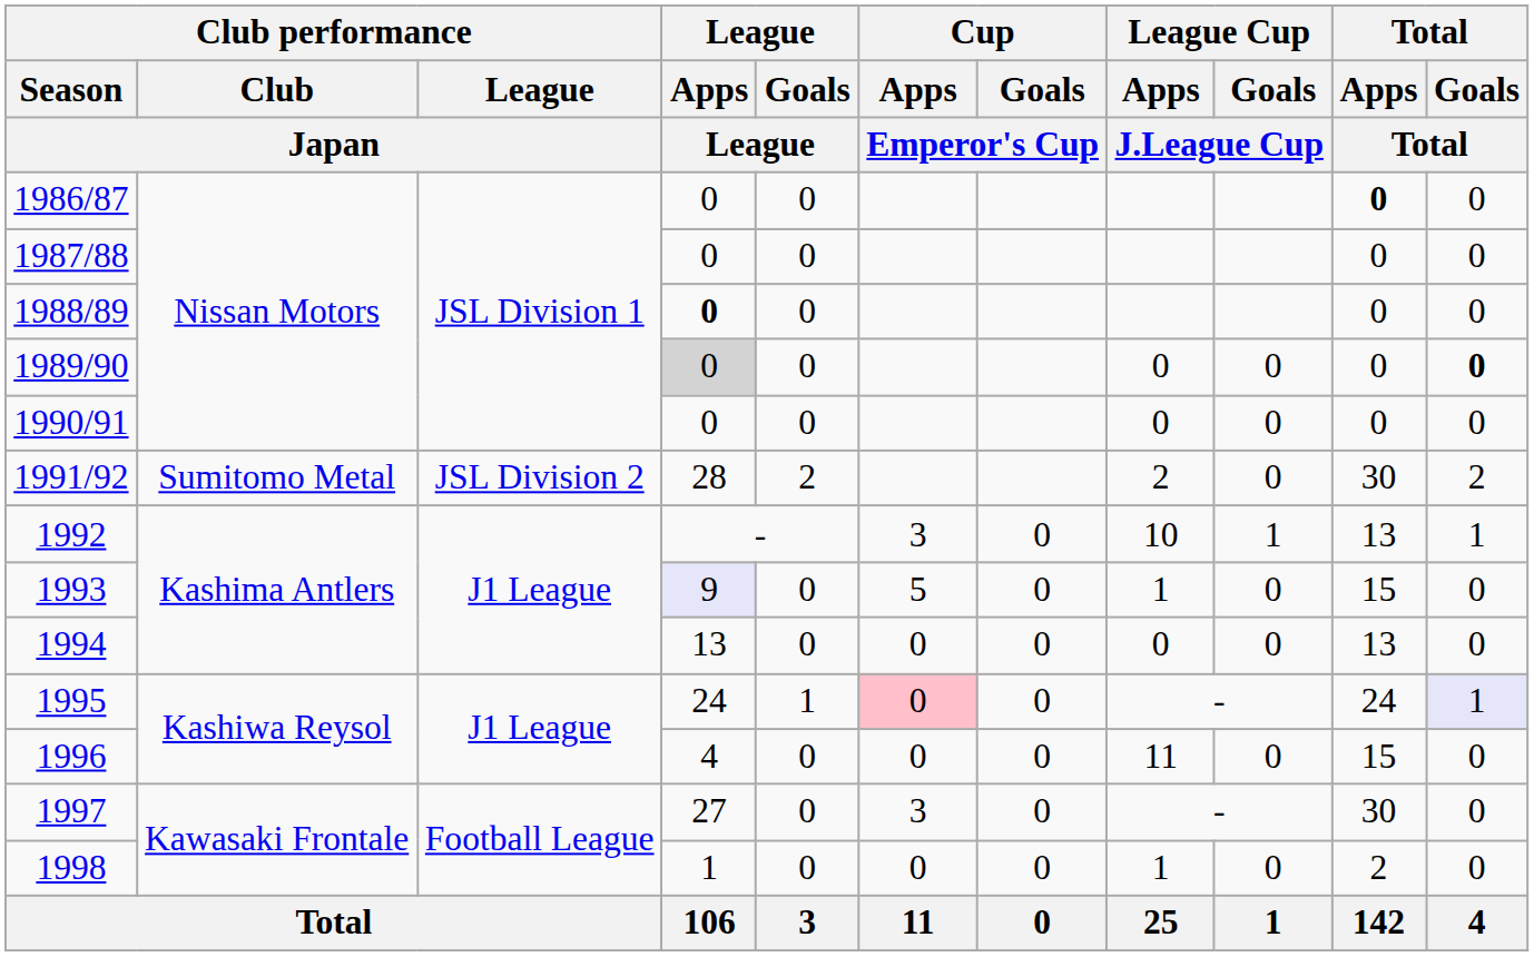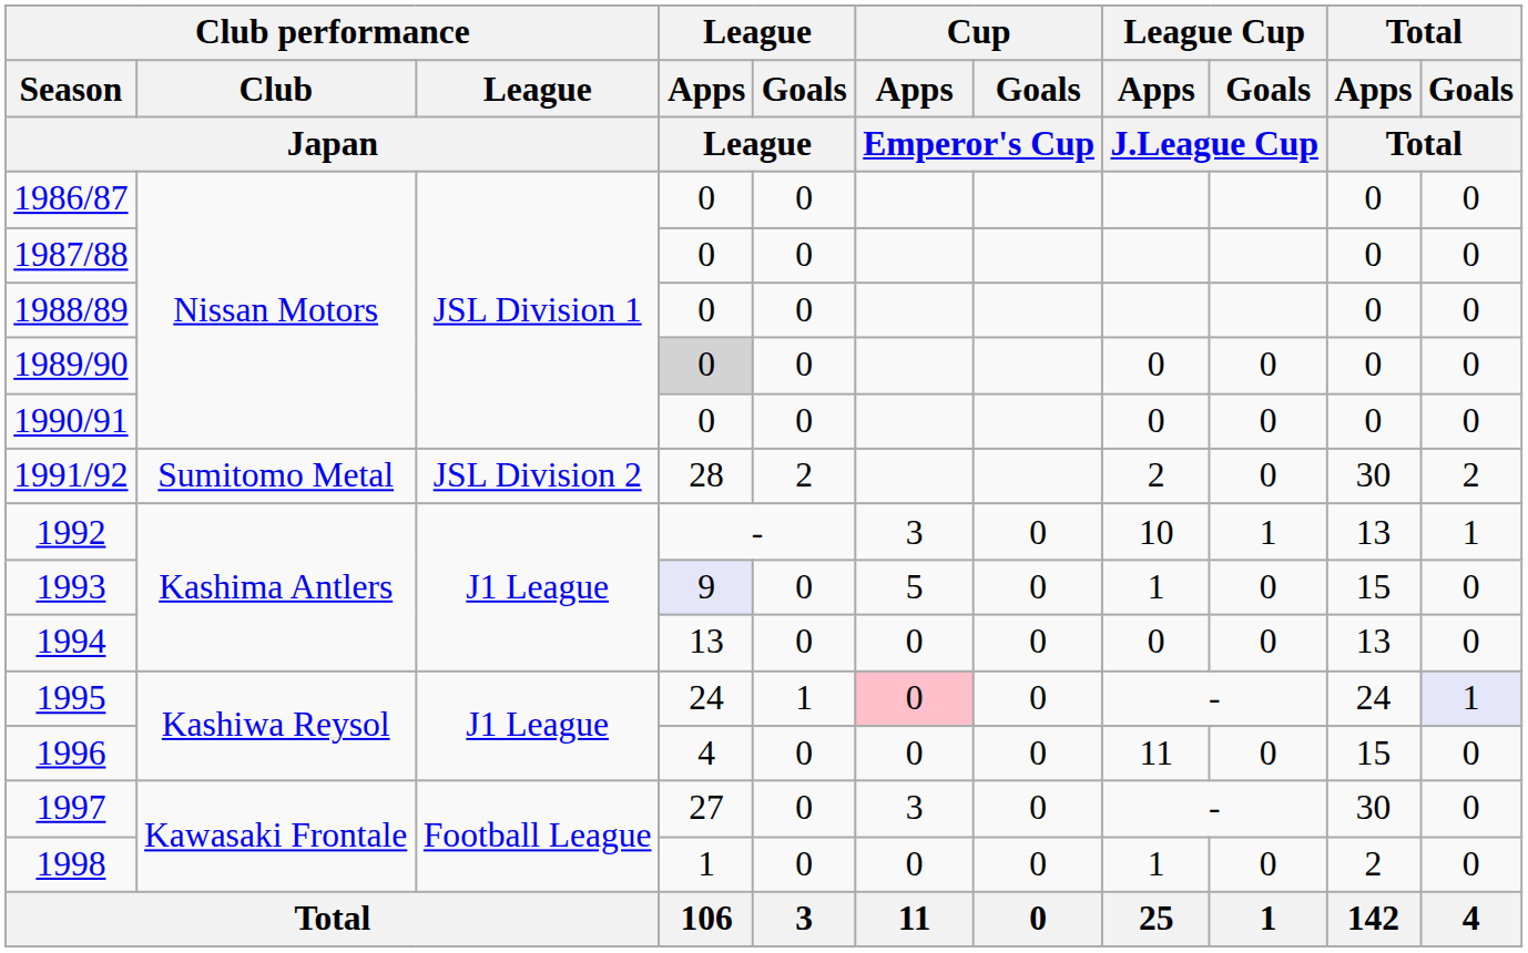 <table class="wikitable" style="text-align:center;">
 <tr>
 <th colspan=3>Club performance</th>
 <th colspan=2>League</th>
 <th colspan=2>Cup</th>
 <th colspan=2>League Cup</th>
 <th colspan=2>Total</th>
 </tr>
 <tr>
 <th>Season</th>
 <th>Club</th>
 <th>League</th>
 <th>Apps</th>
 <th>Goals</th>
 <th>Apps</th>
 <th>Goals</th>
 <th>Apps</th>
 <th>Goals</th>
 <th>Apps</th>
 <th>Goals</th>
 </tr>
 <tr>
 <th colspan=3>Japan</th>
 <th colspan=2>League</th>
 <th colspan=2><a href='#'>Emperor's Cup</a></th>
 <th colspan=2><a href='#'>J.League Cup</a></th>
 <th colspan=2>Total</th>
 </tr>
 <tr>
 <td><a href='#'>1986/87</a></td>
 <td rowspan="5"><a href='#'>Nissan Motors</a></td>
 <td rowspan="5"><a href='#'>JSL Division 1</a></td>
 <td>0</td>
 <td>0</td>
 <td></td>
 <td></td>
 <td></td>
 <td></td>
-<td><strong>0</strong></td>
+<td>0</td>
 <td>0</td>
 </tr>
 <tr>
 <td><a href='#'>1987/88</a></td>
 <td>0</td>
 <td>0</td>
 <td></td>
 <td></td>
 <td></td>
 <td></td>
 <td>0</td>
 <td>0</td>
 </tr>
 <tr>
 <td><a href='#'>1988/89</a></td>
-<td><strong>0</strong></td>
+<td>0</td>
 <td>0</td>
 <td></td>
 <td></td>
 <td></td>
 <td></td>
 <td>0</td>
 <td>0</td>
 </tr>
 <tr>
 <td><a href='#'>1989/90</a></td>
 <td style="background: lightgrey;">0</td>
 <td>0</td>
 <td></td>
 <td></td>
 <td>0</td>
 <td>0</td>
 <td>0</td>
-<td><strong>0</strong></td>
+<td>0</td>
 </tr>
 <tr>
 <td><a href='#'>1990/91</a></td>
 <td>0</td>
 <td>0</td>
 <td></td>
 <td></td>
 <td>0</td>
 <td>0</td>
 <td>0</td>
 <td>0</td>
 </tr>
 <tr>
 <td><a href='#'>1991/92</a></td>
 <td><a href='#'>Sumitomo Metal</a></td>
 <td><a href='#'>JSL Division 2</a></td>
 <td>28</td>
 <td>2</td>
 <td></td>
 <td></td>
 <td>2</td>
 <td>0</td>
 <td>30</td>
 <td>2</td>
 </tr>
 <tr>
 <td><a href='#'>1992</a></td>
 <td rowspan="3"><a href='#'>Kashima Antlers</a></td>
 <td rowspan="3"><a href='#'>J1 League</a></td>
 <td colspan="2">-</td>
 <td>3</td>
 <td>0</td>
 <td>10</td>
 <td>1</td>
 <td>13</td>
 <td>1</td>
 </tr>
 <tr>
 <td><a href='#'>1993</a></td>
 <td style="background: lavender;">9</td>
 <td>0</td>
 <td>5</td>
 <td>0</td>
 <td>1</td>
 <td>0</td>
 <td>15</td>
 <td>0</td>
 </tr>
 <tr>
 <td><a href='#'>1994</a></td>
 <td>13</td>
 <td>0</td>
 <td>0</td>
 <td>0</td>
 <td>0</td>
 <td>0</td>
 <td>13</td>
 <td>0</td>
 </tr>
 <tr>
 <td><a href='#'>1995</a></td>
 <td rowspan="2"><a href='#'>Kashiwa Reysol</a></td>
 <td rowspan="2"><a href='#'>J1 League</a></td>
 <td>24</td>
 <td>1</td>
 <td style="background: pink;">0</td>
 <td>0</td>
 <td colspan="2">-</td>
 <td>24</td>
 <td style="background: lavender;">1</td>
 </tr>
 <tr>
 <td><a href='#'>1996</a></td>
 <td>4</td>
 <td>0</td>
 <td>0</td>
 <td>0</td>
 <td>11</td>
 <td>0</td>
 <td>15</td>
 <td>0</td>
 </tr>
 <tr>
 <td><a href='#'>1997</a></td>
 <td rowspan="2"><a href='#'>Kawasaki Frontale</a></td>
 <td rowspan="2"><a href='#'>Football League</a></td>
 <td>27</td>
 <td>0</td>
 <td>3</td>
 <td>0</td>
 <td colspan="2">-</td>
 <td>30</td>
 <td>0</td>
 </tr>
 <tr>
 <td><a href='#'>1998</a></td>
 <td>1</td>
 <td>0</td>
 <td>0</td>
 <td>0</td>
 <td>1</td>
 <td>0</td>
 <td>2</td>
 <td>0</td>
 </tr>
 <tr>
 <th colspan=3>Total</th>
 <th>106</th>
 <th>3</th>
 <th>11</th>
 <th>0</th>
 <th>25</th>
 <th>1</th>
 <th>142</th>
 <th>4</th>
 </tr>
 </table>
